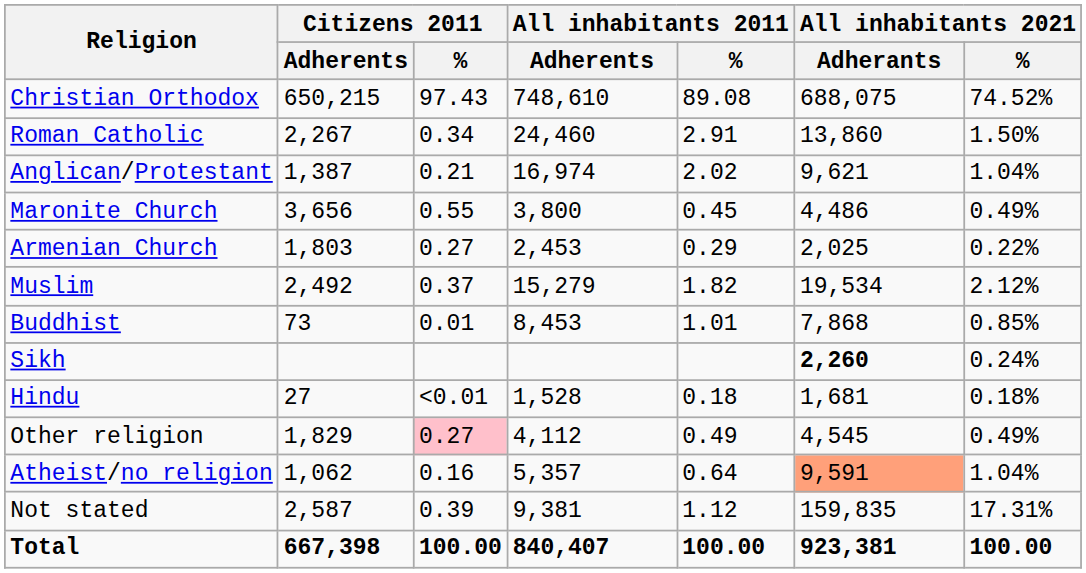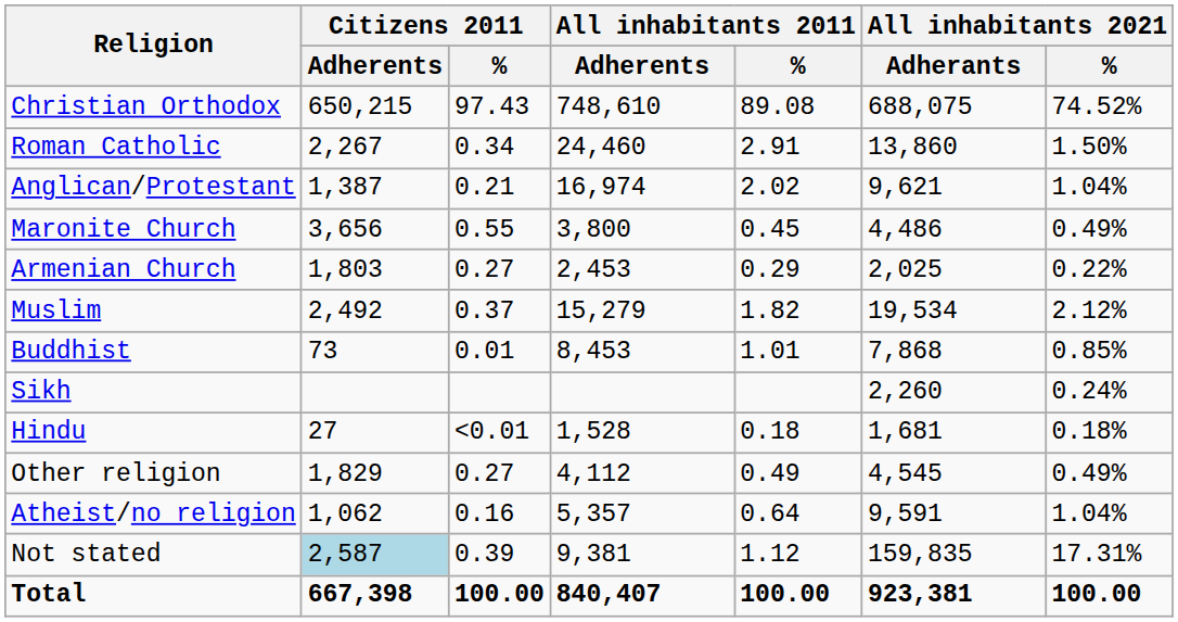 <table class="wikitable sortable">
 <tr>
 <th rowspan="2">Religion</th>
 <th colspan="2">Citizens 2011</th>
 <th colspan="2">All inhabitants 2011</th>
 <th colspan="2">All inhabitants 2021</th>
 </tr>
 <tr>
 <th>Adherents</th>
 <th>%</th>
 <th>Adherents</th>
 <th>%</th>
 <th>Adherants</th>
 <th>%</th>
 </tr>
 <tr>
 <td><a href='#'>Christian Orthodox</a></td>
 <td>650,215</td>
 <td>97.43</td>
 <td>748,610</td>
 <td>89.08</td>
 <td>688,075</td>
 <td>74.52%</td>
 </tr>
 <tr>
 <td><a href='#'>Roman Catholic</a></td>
 <td>2,267</td>
 <td>0.34</td>
 <td>24,460</td>
 <td>2.91</td>
 <td>13,860</td>
 <td>1.50%</td>
 </tr>
 <tr>
 <td><a href='#'>Anglican</a>/<a href='#'>Protestant</a></td>
 <td>1,387</td>
 <td>0.21</td>
 <td>16,974</td>
 <td>2.02</td>
 <td>9,621</td>
 <td>1.04%</td>
 </tr>
 <tr>
 <td><a href='#'>Maronite Church</a></td>
 <td>3,656</td>
 <td>0.55</td>
 <td>3,800</td>
 <td>0.45</td>
 <td>4,486</td>
 <td>0.49%</td>
 </tr>
 <tr>
 <td><a href='#'>Armenian Church</a></td>
 <td>1,803</td>
 <td>0.27</td>
 <td>2,453</td>
 <td>0.29</td>
 <td>2,025</td>
 <td>0.22%</td>
 </tr>
 <tr>
 <td><a href='#'>Muslim</a></td>
 <td>2,492</td>
 <td>0.37</td>
 <td>15,279</td>
 <td>1.82</td>
 <td>19,534</td>
 <td>2.12%</td>
 </tr>
 <tr>
 <td><a href='#'>Buddhist</a></td>
 <td>73</td>
 <td>0.01</td>
 <td>8,453</td>
 <td>1.01</td>
 <td>7,868</td>
 <td>0.85%</td>
 </tr>
 <tr>
 <td><a href='#'>Sikh</a></td>
 <td></td>
 <td></td>
 <td></td>
 <td></td>
-<td><strong>2,260</strong></td>
+<td>2,260</td>
 <td>0.24%</td>
 </tr>
 <tr>
 <td><a href='#'>Hindu</a></td>
 <td>27</td>
 <td><0.01</td>
 <td>1,528</td>
 <td>0.18</td>
 <td>1,681</td>
 <td>0.18%</td>
 </tr>
 <tr>
 <td>Other religion</td>
 <td>1,829</td>
-<td style="background: pink;">0.27</td>
+<td>0.27</td>
 <td>4,112</td>
 <td>0.49</td>
 <td>4,545</td>
 <td>0.49%</td>
 </tr>
 <tr>
 <td><a href='#'>Atheist</a>/<a href='#'>no religion</a></td>
 <td>1,062</td>
 <td>0.16</td>
 <td>5,357</td>
 <td>0.64</td>
-<td style="background: lightsalmon;">9,591</td>
+<td>9,591</td>
 <td>1.04%</td>
 </tr>
 <tr>
 <td>Not stated</td>
-<td>2,587</td>
+<td style="background: lightblue;">2,587</td>
 <td>0.39</td>
 <td>9,381</td>
 <td>1.12</td>
 <td>159,835</td>
 <td>17.31%</td>
 </tr>
 <tr>
 <td><strong>Total</strong></td>
 <td><strong>667,398</strong></td>
 <td><strong>100.00</strong></td>
 <td><strong>840,407</strong></td>
 <td><strong>100.00</strong></td>
 <td><strong>923,381</strong></td>
 <td><strong>100.00</strong></td>
 </tr>
 </table>
